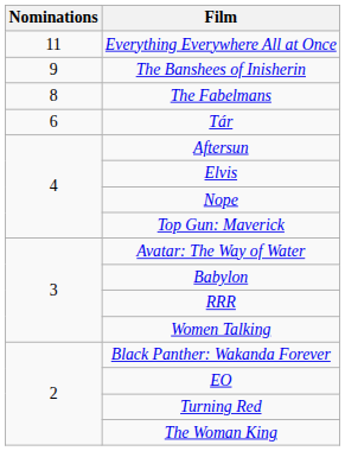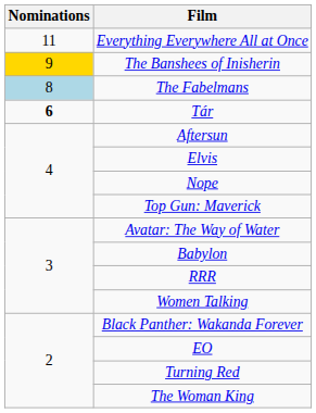 <table class="wikitable plainrowheaders" style="text-align:center;">
 <tr>
 <th scope="col" style="width: 55px;">Nominations</th>
 <th scope="col" style="text-align:center;">Film</th>
 </tr>
 <tr>
 <td scope=row style="text-align:center">11</td>
 <td><em><a href='#'>Everything Everywhere All at Once</a></em></td>
 </tr>
 <tr>
-<td scope=row style="text-align:center">9</td>
+<td scope=row style="background: gold; text-align:center">9</td>
 <td><em><a href='#'>The Banshees of Inisherin</a></em></td>
 </tr>
 <tr>
-<td scope=row style="text-align:center">8</td>
+<td scope=row style="background: lightblue; text-align:center">8</td>
 <td><em><a href='#'>The Fabelmans</a></em></td>
 </tr>
 <tr>
-<td scope=row style="text-align:center">6</td>
+<td scope=row style="text-align:center"><strong>6</strong></td>
 <td><em><a href='#'>Tár</a></em></td>
 </tr>
 <tr>
 <td scope=row style="text-align:center" rowspan="4">4</td>
 <td><em><a href='#'>Aftersun</a></em></td>
 </tr>
 <tr>
 <td><em><a href='#'>Elvis</a></em></td>
 </tr>
 <tr>
 <td><em><a href='#'>Nope</a></em></td>
 </tr>
 <tr>
 <td><em><a href='#'>Top Gun: Maverick</a></em></td>
 </tr>
 <tr>
 <td scope=row style="text-align:center" rowspan="4">3</td>
 <td><em><a href='#'>Avatar: The Way of Water</a></em></td>
 </tr>
 <tr>
 <td><em><a href='#'>Babylon</a></em></td>
 </tr>
 <tr>
 <td><em><a href='#'>RRR</a></em></td>
 </tr>
 <tr>
 <td><em><a href='#'>Women Talking</a></em></td>
 </tr>
 <tr>
 <td scope=row style="text-align:center" rowspan="4">2</td>
 <td><em><a href='#'>Black Panther: Wakanda Forever</a></em></td>
 </tr>
 <tr>
 <td><em><a href='#'>EO</a></em></td>
 </tr>
 <tr>
 <td><em><a href='#'>Turning Red</a></em></td>
 </tr>
 <tr>
 <td><em><a href='#'>The Woman King</a></em></td>
 </tr>
 </table>
